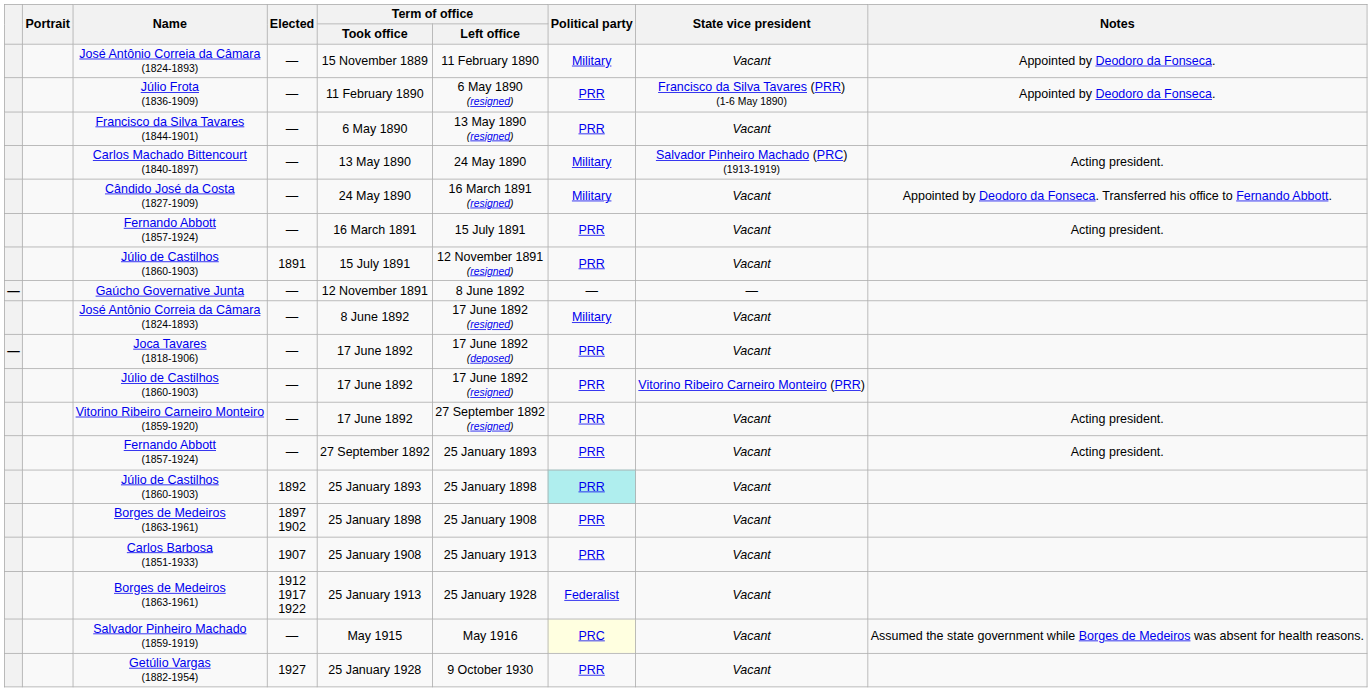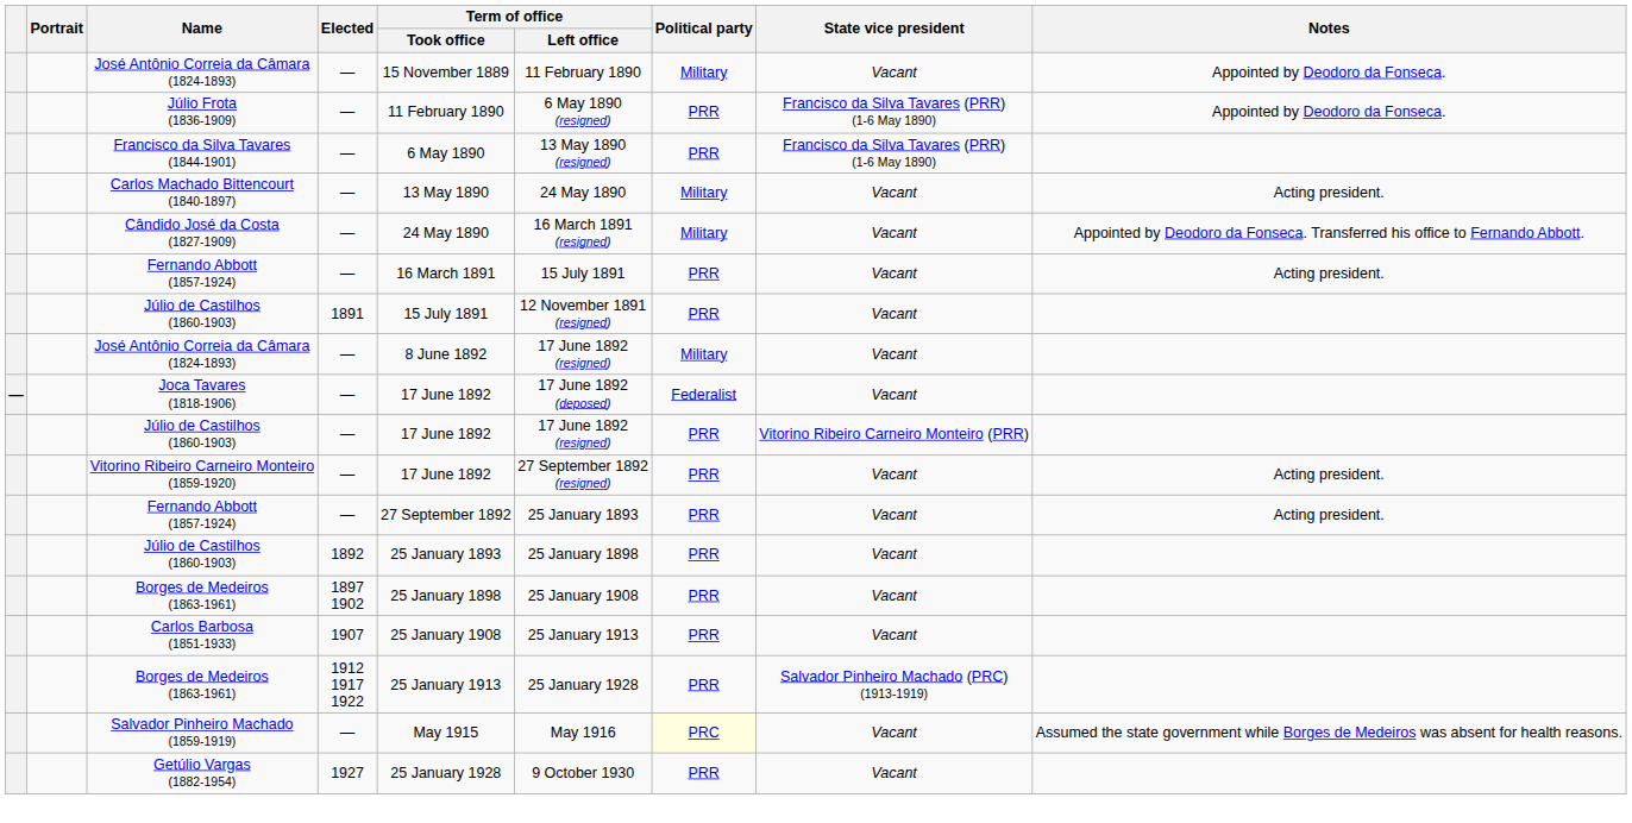 <table class="wikitable" style="text-align:center;">
 <tr>
 <th rowspan="2"></th>
 <th rowspan="2">Portrait</th>
 <th rowspan="2">Name</th>
 <th rowspan="2">Elected</th>
 <th colspan="2">Term of office</th>
 <th rowspan="2">Political party</th>
 <th rowspan="2">State vice president</th>
 <th rowspan="2">Notes</th>
 </tr>
 <tr>
 <th>Took office</th>
 <th>Left office</th>
 </tr>
 <tr>
 <th style="background:"></th>
 <td></td>
 <td><a href='#'>José Antônio Correia da Câmara</a><br><small>(1824-1893)</small></td>
 <td>—</td>
 <td>15 November 1889</td>
 <td>11 February 1890</td>
 <td><a href='#'>Military</a></td>
 <td><em>Vacant</em></td>
 <td>Appointed by <a href='#'>Deodoro da Fonseca</a>.</td>
 </tr>
 <tr>
 <th style="background:"></th>
 <td></td>
 <td><a href='#'>Júlio Frota</a><br><small>(1836-1909)</small></td>
 <td>—</td>
 <td>11 February 1890</td>
 <td>6 May 1890<br><small><em>(<a href='#'>resigned</a>)</em></small></td>
 <td><a href='#'>PRR</a></td>
 <td><a href='#'>Francisco da Silva Tavares</a> (<a href='#'>PRR</a>)<br><small>(1-6 May 1890)</small></td>
 <td>Appointed by <a href='#'>Deodoro da Fonseca</a>.</td>
 </tr>
 <tr>
 <th style="background:"></th>
 <td></td>
 <td><a href='#'>Francisco da Silva Tavares</a><br><small>(1844-1901)</small></td>
 <td>—</td>
 <td>6 May 1890</td>
 <td>13 May 1890<br><small><em>(<a href='#'>resigned</a>)</em></small></td>
 <td><a href='#'>PRR</a></td>
-<td><em>Vacant</em></td>
+<td><a href='#'>Francisco da Silva Tavares</a> (<a href='#'>PRR</a>)<br><small>(1-6 May 1890)</small></td>
 <td></td>
 </tr>
 <tr>
 <th style="background:"></th>
 <td></td>
 <td><a href='#'>Carlos Machado Bittencourt</a><br><small>(1840-1897)</small></td>
 <td>—</td>
 <td>13 May 1890</td>
 <td>24 May 1890</td>
 <td><a href='#'>Military</a></td>
-<td><a href='#'>Salvador Pinheiro Machado</a> (<a href='#'>PRC</a>)<br><small>(1913-1919)</small></td>
+<td><em>Vacant</em></td>
 <td>Acting president.</td>
 </tr>
 <tr>
 <th style="background:"></th>
 <td></td>
 <td><a href='#'>Cândido José da Costa</a><br><small>(1827-1909)</small></td>
 <td>—</td>
 <td>24 May 1890</td>
 <td>16 March 1891<br><small><em>(<a href='#'>resigned</a>)</em></small></td>
 <td><a href='#'>Military</a></td>
 <td><em>Vacant</em></td>
 <td>Appointed by <a href='#'>Deodoro da Fonseca</a>. Transferred his office to <a href='#'>Fernando Abbott</a>.</td>
 </tr>
 <tr>
 <th style="background:"></th>
 <td></td>
 <td><a href='#'>Fernando Abbott</a><br><small>(1857-1924)</small></td>
 <td>—</td>
 <td>16 March 1891</td>
 <td>15 July 1891</td>
 <td><a href='#'>PRR</a></td>
 <td><em>Vacant</em></td>
 <td>Acting president.</td>
 </tr>
 <tr>
 <th style="background:"></th>
 <td></td>
 <td><a href='#'>Júlio de Castilhos</a><br><small>(1860-1903)</small></td>
 <td>1891</td>
 <td>15 July 1891</td>
 <td>12 November 1891<br><small><em>(<a href='#'>resigned</a>)</em></small></td>
 <td><a href='#'>PRR</a></td>
 <td><em>Vacant</em></td>
 <td></td>
 </tr>
 <tr>
-<th style="background:">—</th>
-<td></td>
-<td><a href='#'>Gaúcho Governative Junta</a></td>
-<td>—</td>
-<td>12 November 1891</td>
-<td>8 June 1892</td>
-<td>—</td>
-<td>—</td>
-<td></td>
-</tr>
-<tr>
 <th style="background:"></th>
 <td></td>
 <td><a href='#'>José Antônio Correia da Câmara</a><br><small>(1824-1893)</small></td>
 <td>—</td>
 <td>8 June 1892</td>
 <td>17 June 1892<br><small><em>(<a href='#'>resigned</a>)</em></small></td>
 <td><a href='#'>Military</a></td>
 <td><em>Vacant</em></td>
 <td></td>
 </tr>
 <tr>
 <th style="background:">—</th>
 <td></td>
 <td><a href='#'>Joca Tavares</a><br><small>(1818-1906)</small></td>
 <td>—</td>
 <td>17 June 1892</td>
 <td>17 June 1892<br><small><em>(<a href='#'>deposed</a>)</em></small></td>
-<td><a href='#'>PRR</a></td>
+<td><a href='#'>Federalist</a></td>
 <td><em>Vacant</em></td>
 <td></td>
 </tr>
 <tr>
 <th style="background:"></th>
 <td></td>
 <td><a href='#'>Júlio de Castilhos</a><br><small>(1860-1903)</small></td>
 <td>—</td>
 <td>17 June 1892</td>
 <td>17 June 1892<br><small><em>(<a href='#'>resigned</a>)</em></small></td>
 <td><a href='#'>PRR</a></td>
 <td><a href='#'>Vitorino Ribeiro Carneiro Monteiro</a> (<a href='#'>PRR</a>)</td>
 <td></td>
 </tr>
 <tr>
 <th style="background:"></th>
 <td></td>
 <td><a href='#'>Vitorino Ribeiro Carneiro Monteiro</a><br><small>(1859-1920)</small></td>
 <td>—</td>
 <td>17 June 1892</td>
 <td>27 September 1892<br><small><em>(<a href='#'>resigned</a>)</em></small></td>
 <td><a href='#'>PRR</a></td>
 <td><em>Vacant</em></td>
 <td>Acting president.</td>
 </tr>
 <tr>
 <th style="background:"></th>
 <td></td>
 <td><a href='#'>Fernando Abbott</a><br><small>(1857-1924)</small></td>
 <td>—</td>
 <td>27 September 1892</td>
 <td>25 January 1893</td>
 <td><a href='#'>PRR</a></td>
 <td><em>Vacant</em></td>
 <td>Acting president.</td>
 </tr>
 <tr>
 <th style="background:"></th>
 <td></td>
 <td><a href='#'>Júlio de Castilhos</a><br><small>(1860-1903)</small></td>
 <td>1892</td>
 <td>25 January 1893</td>
 <td>25 January 1898</td>
-<td style="background: paleturquoise;"><a href='#'>PRR</a></td>
+<td><a href='#'>PRR</a></td>
 <td><em>Vacant</em></td>
 <td></td>
 </tr>
 <tr>
 <th style="background:"></th>
 <td></td>
 <td><a href='#'>Borges de Medeiros</a><br><small>(1863-1961)</small></td>
 <td>1897<br>1902</td>
 <td>25 January 1898</td>
 <td>25 January 1908</td>
 <td><a href='#'>PRR</a></td>
 <td><em>Vacant</em></td>
 <td></td>
 </tr>
 <tr>
 <th style="background:"></th>
 <td></td>
 <td><a href='#'>Carlos Barbosa</a><br><small>(1851-1933)</small></td>
 <td>1907</td>
 <td>25 January 1908</td>
 <td>25 January 1913</td>
 <td><a href='#'>PRR</a></td>
 <td><em>Vacant</em></td>
 <td></td>
 </tr>
 <tr>
 <th style="background:"></th>
 <td></td>
 <td><a href='#'>Borges de Medeiros</a><br><small>(1863-1961)</small></td>
 <td>1912<br>1917<br>1922</td>
 <td>25 January 1913</td>
 <td>25 January 1928</td>
-<td><a href='#'>Federalist</a></td>
-<td><em>Vacant</em></td>
+<td><a href='#'>PRR</a></td>
+<td><a href='#'>Salvador Pinheiro Machado</a> (<a href='#'>PRC</a>)<br><small>(1913-1919)</small></td>
 <td></td>
 </tr>
 <tr>
 <th style="background:"></th>
 <td></td>
 <td><a href='#'>Salvador Pinheiro Machado</a><br><small>(1859-1919)</small></td>
 <td>—</td>
 <td>May 1915</td>
 <td>May 1916</td>
 <td style="background: lightyellow;"><a href='#'>PRC</a></td>
 <td><em>Vacant</em></td>
 <td>Assumed the state government while <a href='#'>Borges de Medeiros</a> was absent for health reasons.</td>
 </tr>
 <tr>
 <th style="background:"></th>
 <td></td>
 <td><a href='#'>Getúlio Vargas</a><br><small>(1882-1954)</small></td>
 <td>1927</td>
 <td>25 January 1928</td>
 <td>9 October 1930</td>
 <td><a href='#'>PRR</a></td>
 <td><em>Vacant</em></td>
 <td></td>
 </tr>
 </table>
